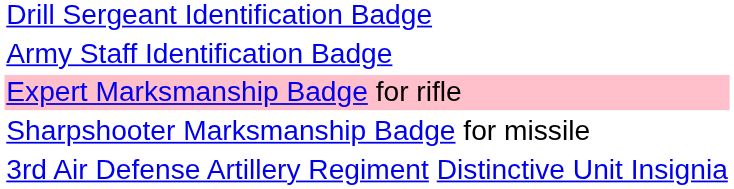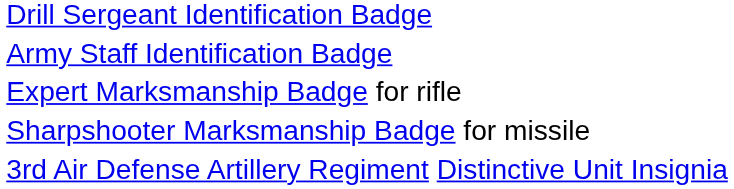 <table>
 <tr>
 <td> <a href='#'>Drill Sergeant Identification Badge</a></td>
 </tr>
 <tr>
 <td> <a href='#'>Army Staff Identification Badge</a></td>
 </tr>
 <tr>
-<td style="background: pink;"> <a href='#'>Expert Marksmanship Badge</a> for rifle</td>
+<td> <a href='#'>Expert Marksmanship Badge</a> for rifle</td>
 </tr>
 <tr>
 <td> <a href='#'>Sharpshooter Marksmanship Badge</a> for missile</td>
 </tr>
 <tr>
 <td> <a href='#'>3rd Air Defense Artillery Regiment</a> <a href='#'>Distinctive Unit Insignia</a></td>
 </tr>
 </table>
